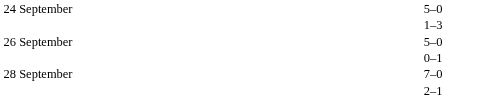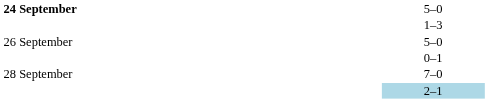 <table cellspacing=1 width=70%>
 <tr>
 <th width=25%></th>
 <th width=30%></th>
 <th width=15%></th>
 <th width=30%></th>
 </tr>
 <tr>
-<td>24 September</td>
+<td><strong>24 September</strong></td>
 <td align=right></td>
 <td align=center>5–0</td>
 <td></td>
 </tr>
 <tr>
 <td></td>
 <td align=right></td>
 <td align=center>1–3</td>
 <td></td>
 </tr>
 <tr>
 <td>26 September</td>
 <td align=right></td>
 <td align=center>5–0</td>
 <td></td>
 </tr>
 <tr>
 <td></td>
 <td align=right></td>
 <td align=center>0–1</td>
 <td></td>
 </tr>
 <tr>
 <td>28 September</td>
 <td align=right></td>
 <td align=center>7–0</td>
 <td></td>
 </tr>
 <tr>
 <td></td>
 <td align=right></td>
-<td align=center>2–1</td>
+<td align=center style="background: lightblue;">2–1</td>
 <td></td>
 </tr>
 </table>
